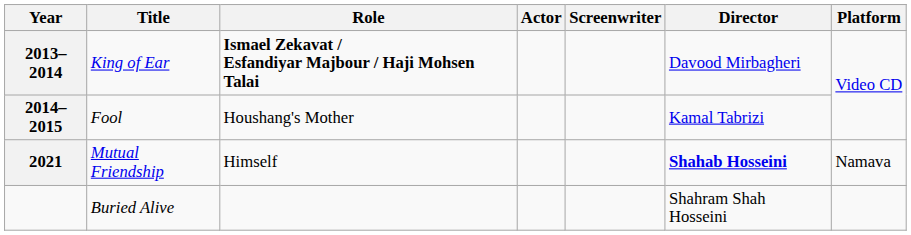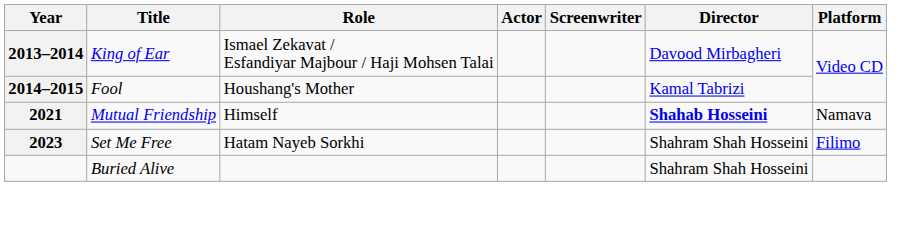 <table class="wikitable plainrowheaders sortable"  style=font-size:100%>
 <tr>
 <th scope="col">Year</th>
 <th scope="col">Title</th>
 <th scope="col">Role</th>
 <th scope="col">Actor</th>
 <th scope="col">Screenwriter</th>
 <th scope="col" class="unsortable">Director</th>
 <th scope="col" class="unsortable">Platform</th>
 </tr>
 <tr>
 <th scope=row>2013–2014</th>
 <td><em><a href='#'>King of Ear</a></em></td>
-<td><strong>Ismael Zekavat /<br>Esfandiyar Majbour / Haji Mohsen Talai</strong></td>
+<td>Ismael Zekavat /<br>Esfandiyar Majbour / Haji Mohsen Talai</td>
 <td></td>
 <td></td>
 <td><a href='#'>Davood Mirbagheri</a></td>
 <td rowspan="2"><a href='#'>Video CD</a></td>
 </tr>
 <tr>
 <th scope=row>2014–2015</th>
 <td><em>Fool</em></td>
 <td>Houshang's Mother</td>
 <td></td>
 <td></td>
 <td><a href='#'>Kamal Tabrizi</a></td>
 </tr>
 <tr>
 <th scope=row>2021</th>
 <td><em><a href='#'>Mutual Friendship</a></em></td>
 <td>Himself</td>
 <td></td>
 <td></td>
 <td><strong><a href='#'>Shahab Hosseini</a></strong></td>
 <td>Namava</td>
 </tr>
 <tr>
+<th scope=row>2023</th>
+<td><em>Set Me Free</em></td>
+<td>Hatam Nayeb Sorkhi</td>
+<td></td>
+<td></td>
+<td>Shahram Shah Hosseini</td>
+<td><a href='#'>Filimo</a></td>
+</tr>
+<tr>
 <td></td>
 <td><em>Buried Alive</em></td>
 <td></td>
 <td></td>
 <td></td>
 <td>Shahram Shah Hosseini</td>
 <td></td>
 </tr>
 </table>
